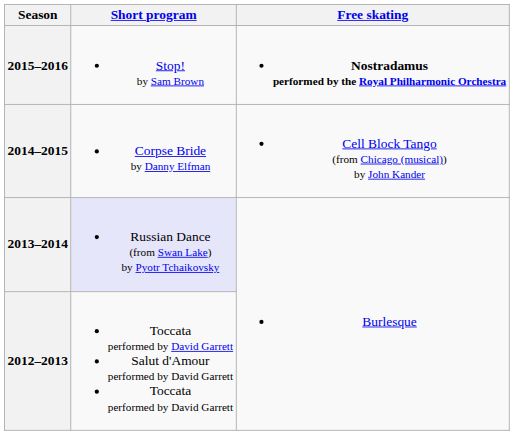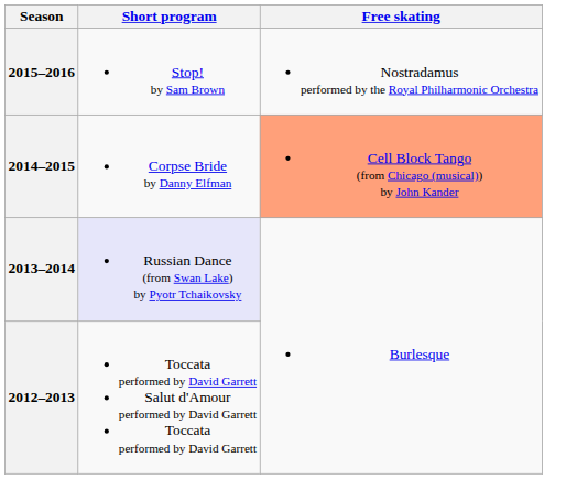 <table class="wikitable" style="text-align:center">
 <tr>
 <th>Season</th>
 <th><a href='#'>Short program</a></th>
 <th><a href='#'>Free skating</a></th>
 </tr>
 <tr>
 <th>2015–2016</th>
 <td><br><ul><li><a href='#'>Stop!</a> <br><small> by <a href='#'>Sam Brown</a> </small></li></ul></td>
-<td><strong><br><ul><li>Nostradamus <br><small> performed by the <a href='#'>Royal Philharmonic Orchestra</a> </small></li></ul></strong></td>
+<td><br><ul><li>Nostradamus <br><small> performed by the <a href='#'>Royal Philharmonic Orchestra</a> </small></li></ul></td>
 </tr>
 <tr>
 <th>2014–2015 <br> </th>
 <td><br><ul><li><a href='#'>Corpse Bride</a> <br><small> by <a href='#'>Danny Elfman</a> </small></li></ul></td>
-<td><br><ul><li><a href='#'>Cell Block Tango</a> <br><small> (from <a href='#'>Chicago (musical)</a>) <br> by <a href='#'>John Kander</a> </small></li></ul></td>
+<td style="background: lightsalmon;"><br><ul><li><a href='#'>Cell Block Tango</a> <br><small> (from <a href='#'>Chicago (musical)</a>) <br> by <a href='#'>John Kander</a> </small></li></ul></td>
 </tr>
 <tr>
 <th>2013–2014 <br> </th>
 <td style="background: lavender;"><br><ul><li>Russian Dance <br><small> (from <a href='#'>Swan Lake</a>) <br> by <a href='#'>Pyotr Tchaikovsky</a> </small></li></ul></td>
 <td rowspan=2><br><ul><li><a href='#'>Burlesque</a></li></ul></td>
 </tr>
 <tr>
 <th>2012–2013 <br> </th>
 <td><br><ul><li>Toccata <br><small> performed by <a href='#'>David Garrett</a> </small></li><li>Salut d'Amour <br><small> performed by David Garrett </small></li><li>Toccata <br><small> performed by David Garrett </small></li></ul></td>
 </tr>
 </table>
